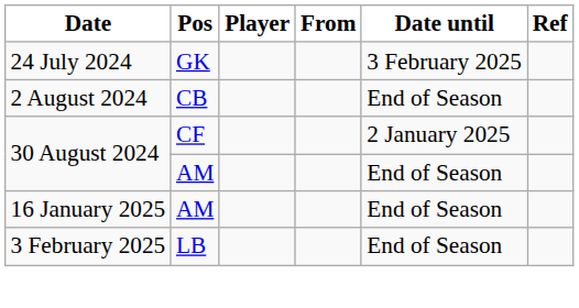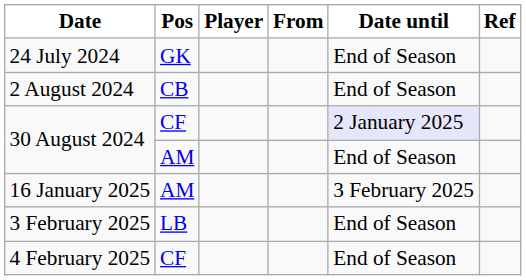 <table class="wikitable plainrowheaders sortable">
 <tr>
 <th style="background:white; color:black; ">Date</th>
 <th style="background:white; color:black; ">Pos</th>
 <th style="background:white; color:black; ">Player</th>
 <th style="background:white; color:black; ">From</th>
 <th style="background:white; color:black; ">Date until</th>
 <th style="background:white; color:black; ">Ref</th>
 </tr>
 <tr>
 <td>24 July 2024</td>
 <td><a href='#'>GK</a></td>
 <td></td>
 <td></td>
-<td>3 February 2025</td>
+<td>End of Season</td>
 <td></td>
 </tr>
 <tr>
 <td>2 August 2024</td>
 <td><a href='#'>CB</a></td>
 <td></td>
 <td></td>
 <td>End of Season</td>
 <td></td>
 </tr>
 <tr>
 <td rowspan="2">30 August 2024</td>
 <td><a href='#'>CF</a></td>
 <td></td>
 <td></td>
-<td>2 January 2025</td>
+<td style="background: lavender;">2 January 2025</td>
 <td></td>
 </tr>
 <tr>
 <td><a href='#'>AM</a></td>
 <td></td>
 <td></td>
 <td>End of Season</td>
 <td></td>
 </tr>
 <tr>
 <td>16 January 2025</td>
 <td><a href='#'>AM</a></td>
 <td></td>
 <td></td>
-<td>End of Season</td>
+<td>3 February 2025</td>
 <td></td>
 </tr>
 <tr>
 <td>3 February 2025</td>
 <td><a href='#'>LB</a></td>
 <td></td>
 <td></td>
 <td>End of Season</td>
 <td></td>
 </tr>
+<tr>
+<td>4 February 2025</td>
+<td><a href='#'>CF</a></td>
+<td></td>
+<td></td>
+<td>End of Season</td>
+<td></td>
+</tr>
 </table>
